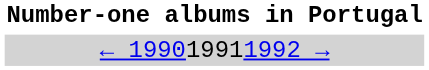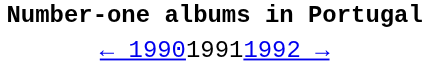 <table class="toc" id="toc" summary="Contents">
 <tr>
 <th>Number-one albums in Portugal</th>
 </tr>
 <tr>
-<td align="center" style="background: lightgrey;"><a href='#'>← 1990</a>1991<a href='#'>1992 →</a></td>
+<td align="center"><a href='#'>← 1990</a>1991<a href='#'>1992 →</a></td>
 </tr>
 </table>
